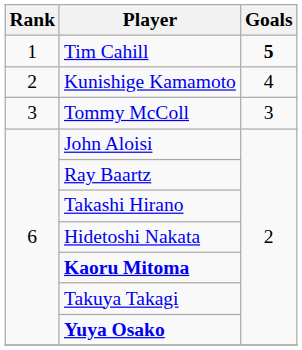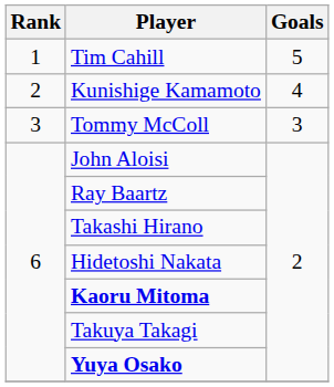 <table class="wikitable" style="margin:auto;">
 <tr style="text-align:center;">
 <th>Rank</th>
 <th>Player</th>
 <th>Goals</th>
 </tr>
 <tr>
 <td align=center>1</td>
 <td> <a href='#'>Tim Cahill</a></td>
-<td align=center><strong>5</strong></td>
+<td align=center>5</td>
 </tr>
 <tr>
 <td align=center>2</td>
 <td> <a href='#'>Kunishige Kamamoto</a></td>
 <td align=center>4</td>
 </tr>
 <tr>
 <td align=center>3</td>
 <td> <a href='#'>Tommy McColl</a></td>
 <td align=center>3</td>
 </tr>
 <tr>
 <td rowspan="7;" style="text-align:center;">6</td>
 <td> <a href='#'>John Aloisi</a></td>
 <td rowspan="7;" style="text-align:center;">2</td>
 </tr>
 <tr>
 <td> <a href='#'>Ray Baartz</a></td>
 </tr>
 <tr>
 <td> <a href='#'>Takashi Hirano</a></td>
 </tr>
 <tr>
 <td> <a href='#'>Hidetoshi Nakata</a></td>
 </tr>
 <tr>
 <td> <strong><a href='#'>Kaoru Mitoma</a></strong></td>
 </tr>
 <tr>
 <td> <a href='#'>Takuya Takagi</a></td>
 </tr>
 <tr>
 <td> <strong><a href='#'>Yuya Osako</a></strong></td>
 </tr>
 <tr>
 </tr>
 </table>
